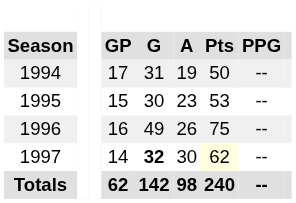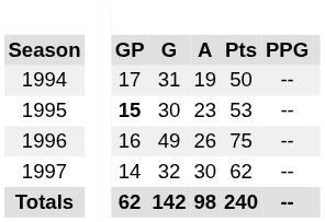 <table BORDER="0" CELLPADDING="3" CELLSPACING="0">
 <tr ALIGN="center" bgcolor="#e0e0e0">
 <th colspan="1" bgcolor="#ffffff"> </th>
 <th rowspan="99" bgcolor="#ffffff"> </th>
 <th rowspan="99" bgcolor="#ffffff"> </th>
 </tr>
 <tr ALIGN="center" bgcolor="#e0e0e0">
 <th>Season</th>
 <th>GP</th>
 <th>G</th>
 <th>A</th>
 <th>Pts</th>
 <th>PPG</th>
 <th></th>
 </tr>
 <tr ALIGN="center" bgcolor="#f0f0f0">
 <td>1994</td>
 <td>17</td>
 <td>31</td>
 <td>19</td>
 <td>50</td>
 <td>--</td>
 <td></td>
 </tr>
 <tr ALIGN="center">
 <td>1995</td>
-<td>15</td>
+<td><strong>15</strong></td>
 <td>30</td>
 <td>23</td>
 <td>53</td>
 <td>--</td>
 <td></td>
 </tr>
 <tr ALIGN="center" bgcolor="#f0f0f0">
 <td>1996</td>
 <td>16</td>
 <td>49</td>
 <td>26</td>
 <td>75</td>
 <td>--</td>
 <td></td>
 </tr>
 <tr ALIGN="center">
 <td>1997</td>
 <td>14</td>
-<td><strong>32</strong></td>
+<td>32</td>
 <td>30</td>
-<td style="background: lightyellow;">62</td>
+<td>62</td>
 <td>--</td>
 <td></td>
 </tr>
 <tr ALIGN="center" bgcolor="#e0e0e0">
 <th colspan="1.5">Totals</th>
 <th>62</th>
 <th>142</th>
 <th>98</th>
 <th>240</th>
 <th>--</th>
 <th></th>
 </tr>
 </table>
